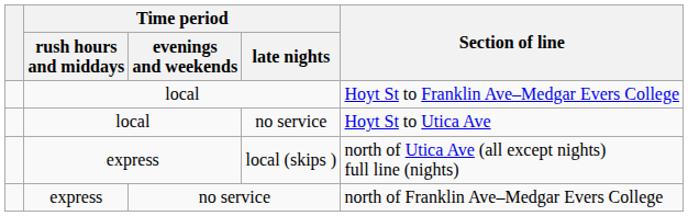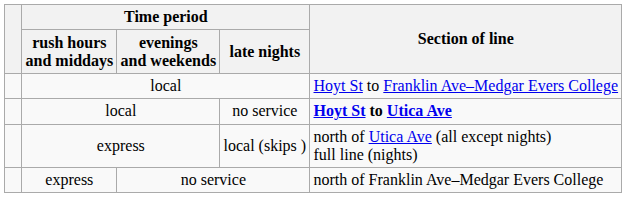 <table class="wikitable">
 <tr>
 <th rowspan=2> </th>
 <th colspan="3">Time period</th>
 <th rowspan=2>Section of line</th>
 </tr>
 <tr>
 <th>rush hours<br>and middays</th>
 <th>evenings<br>and weekends</th>
 <th>late nights</th>
 </tr>
 <tr>
 <td width=10></td>
 <td align=center colspan=3>local</td>
 <td><a href='#'>Hoyt St</a> to <a href='#'>Franklin Ave–Medgar Evers College</a></td>
 </tr>
 <tr>
 <td></td>
 <td align=center colspan=2>local</td>
 <td align="center">no service</td>
-<td><a href='#'>Hoyt St</a> to <a href='#'>Utica Ave</a></td>
+<td><strong><a href='#'>Hoyt St</a> to <a href='#'>Utica Ave</a></strong></td>
 </tr>
 <tr>
 <td></td>
 <td align=center colspan=2>express</td>
 <td align="center">local (skips )</td>
 <td>north of <a href='#'>Utica Ave</a> (all except nights)<br>full line (nights)</td>
 </tr>
 <tr>
 <td></td>
 <td align=center>express</td>
 <td align=center colspan=2>no service</td>
 <td>north of Franklin Ave–Medgar Evers College</td>
 </tr>
 </table>
